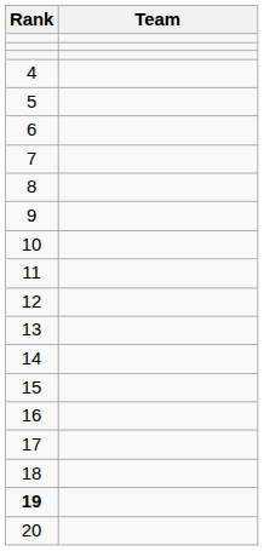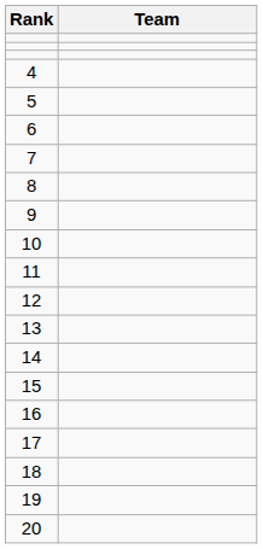 <table class="wikitable">
 <tr>
 <th>Rank</th>
 <th width=170>Team</th>
 </tr>
 <tr>
 <td align=center></td>
 <td></td>
 </tr>
 <tr>
 <td align=center></td>
 <td></td>
 </tr>
 <tr>
 <td align=center></td>
 <td></td>
 </tr>
 <tr>
 <td align=center>4</td>
 <td></td>
 </tr>
 <tr>
 <td align=center>5</td>
 <td></td>
 </tr>
 <tr>
 <td align=center>6</td>
 <td></td>
 </tr>
 <tr>
 <td align=center>7</td>
 <td></td>
 </tr>
 <tr>
 <td align=center>8</td>
 <td></td>
 </tr>
 <tr>
 <td align=center>9</td>
 <td></td>
 </tr>
 <tr>
 <td align=center>10</td>
 <td></td>
 </tr>
 <tr>
 <td align=center>11</td>
 <td></td>
 </tr>
 <tr>
 <td align=center>12</td>
 <td></td>
 </tr>
 <tr>
 <td align=center>13</td>
 <td></td>
 </tr>
 <tr>
 <td align=center>14</td>
 <td></td>
 </tr>
 <tr>
 <td align=center>15</td>
 <td></td>
 </tr>
 <tr>
 <td align=center>16</td>
 <td></td>
 </tr>
 <tr>
 <td align=center>17</td>
 <td></td>
 </tr>
 <tr>
 <td align=center>18</td>
 <td></td>
 </tr>
 <tr>
-<td align=center><strong>19</strong></td>
+<td align=center>19</td>
 <td></td>
 </tr>
 <tr>
 <td align=center>20</td>
 <td></td>
 </tr>
 </table>
